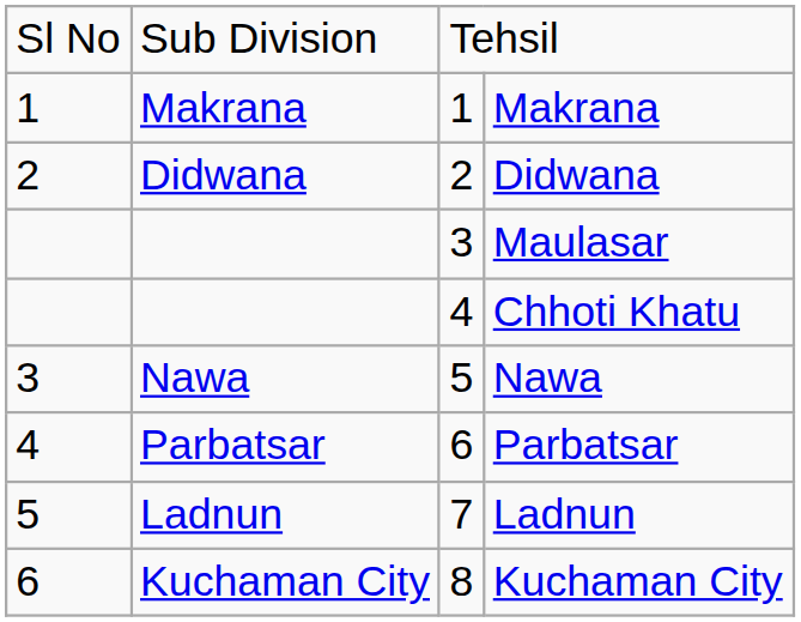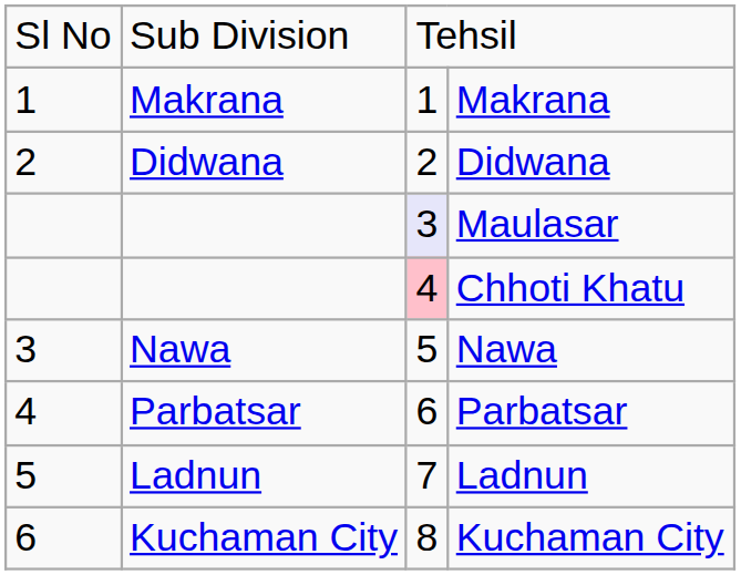 <table class="wikitable sortable">
 <tr>
 <td>Sl No</td>
 <td>Sub Division</td>
 <td colspan="2">Tehsil</td>
 </tr>
 <tr>
 <td>1</td>
 <td><a href='#'>Makrana</a></td>
 <td>1</td>
 <td><a href='#'>Makrana</a></td>
 </tr>
 <tr>
 <td>2</td>
 <td><a href='#'>Didwana</a></td>
 <td>2</td>
 <td><a href='#'>Didwana</a></td>
 </tr>
 <tr>
 <td></td>
 <td></td>
-<td>3</td>
+<td style="background: lavender;">3</td>
 <td><a href='#'>Maulasar</a></td>
 </tr>
 <tr>
 <td></td>
 <td></td>
-<td>4</td>
+<td style="background: pink;">4</td>
 <td><a href='#'>Chhoti Khatu</a></td>
 </tr>
 <tr>
 <td>3</td>
 <td><a href='#'>Nawa</a></td>
 <td>5</td>
 <td><a href='#'>Nawa</a></td>
 </tr>
 <tr>
 <td>4</td>
 <td><a href='#'>Parbatsar</a></td>
 <td>6</td>
 <td><a href='#'>Parbatsar</a></td>
 </tr>
 <tr>
 <td>5</td>
 <td><a href='#'>Ladnun</a></td>
 <td>7</td>
 <td><a href='#'>Ladnun</a></td>
 </tr>
 <tr>
 <td>6</td>
 <td><a href='#'>Kuchaman City</a></td>
 <td>8</td>
 <td><a href='#'>Kuchaman City</a></td>
 </tr>
 </table>
